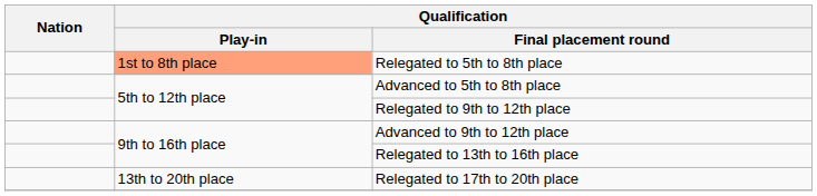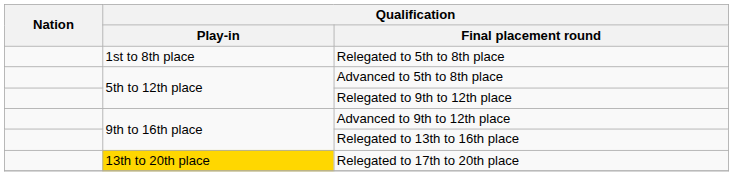 <table class="wikitable" style="txt-align: center;" width=100%>
 <tr>
 <th rowspan=2>Nation</th>
 <th colspan=2>Qualification</th>
 </tr>
 <tr>
 <th>Play-in</th>
 <th>Final placement round</th>
 </tr>
 <tr>
 <td><br></td>
-<td style="background: lightsalmon;">1st to 8th place</td>
+<td>1st to 8th place</td>
 <td>Relegated to 5th to 8th place</td>
 </tr>
 <tr>
 <td><br></td>
 <td rowspan=2>5th to 12th place</td>
 <td>Advanced to 5th to 8th place</td>
 </tr>
 <tr>
 <td><br></td>
 <td>Relegated to 9th to 12th place</td>
 </tr>
 <tr>
 <td><br></td>
 <td rowspan=2>9th to 16th place</td>
 <td>Advanced to 9th to 12th place</td>
 </tr>
 <tr>
 <td><br></td>
 <td>Relegated to 13th to 16th place</td>
 </tr>
 <tr>
 <td><br></td>
-<td>13th to 20th place</td>
+<td style="background: gold;">13th to 20th place</td>
 <td>Relegated to 17th to 20th place</td>
 </tr>
 <tr>
 </tr>
 </table>
